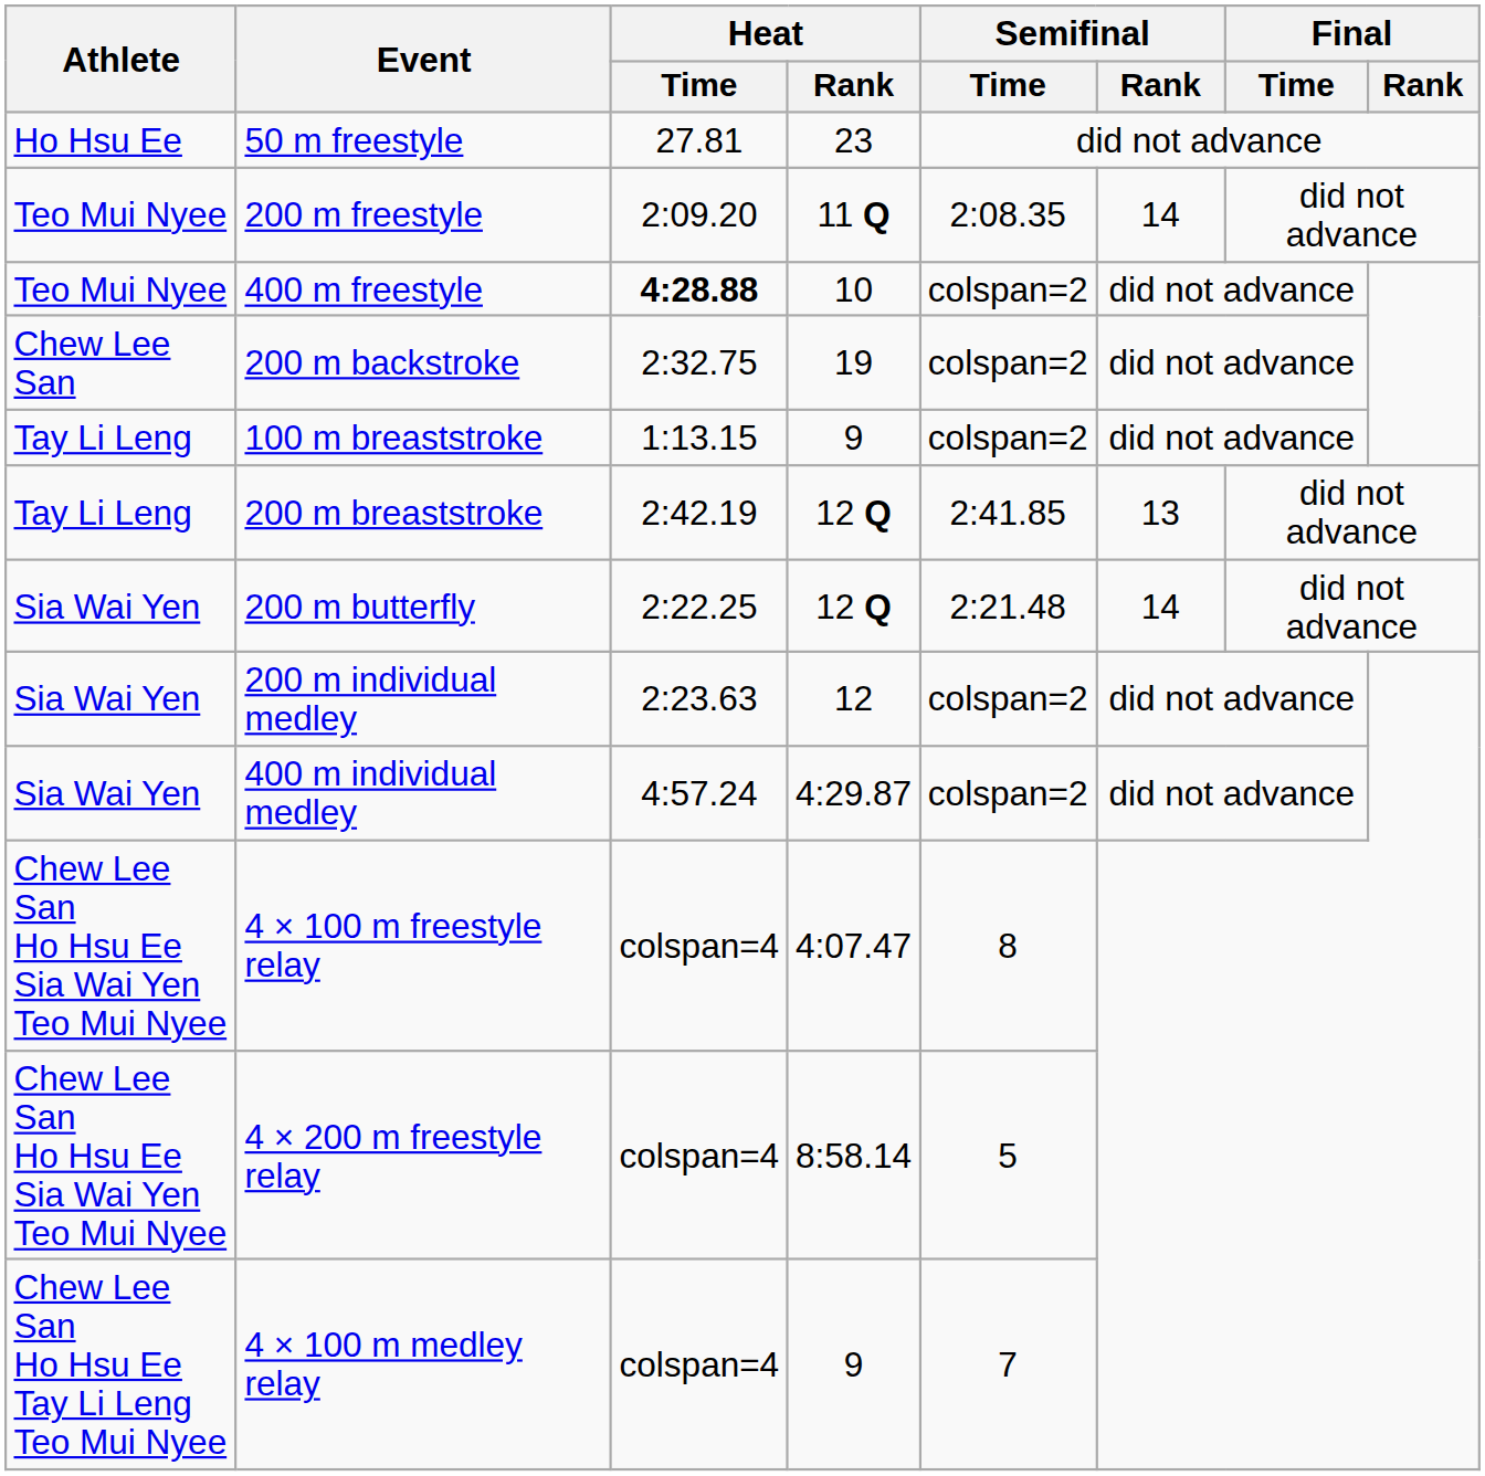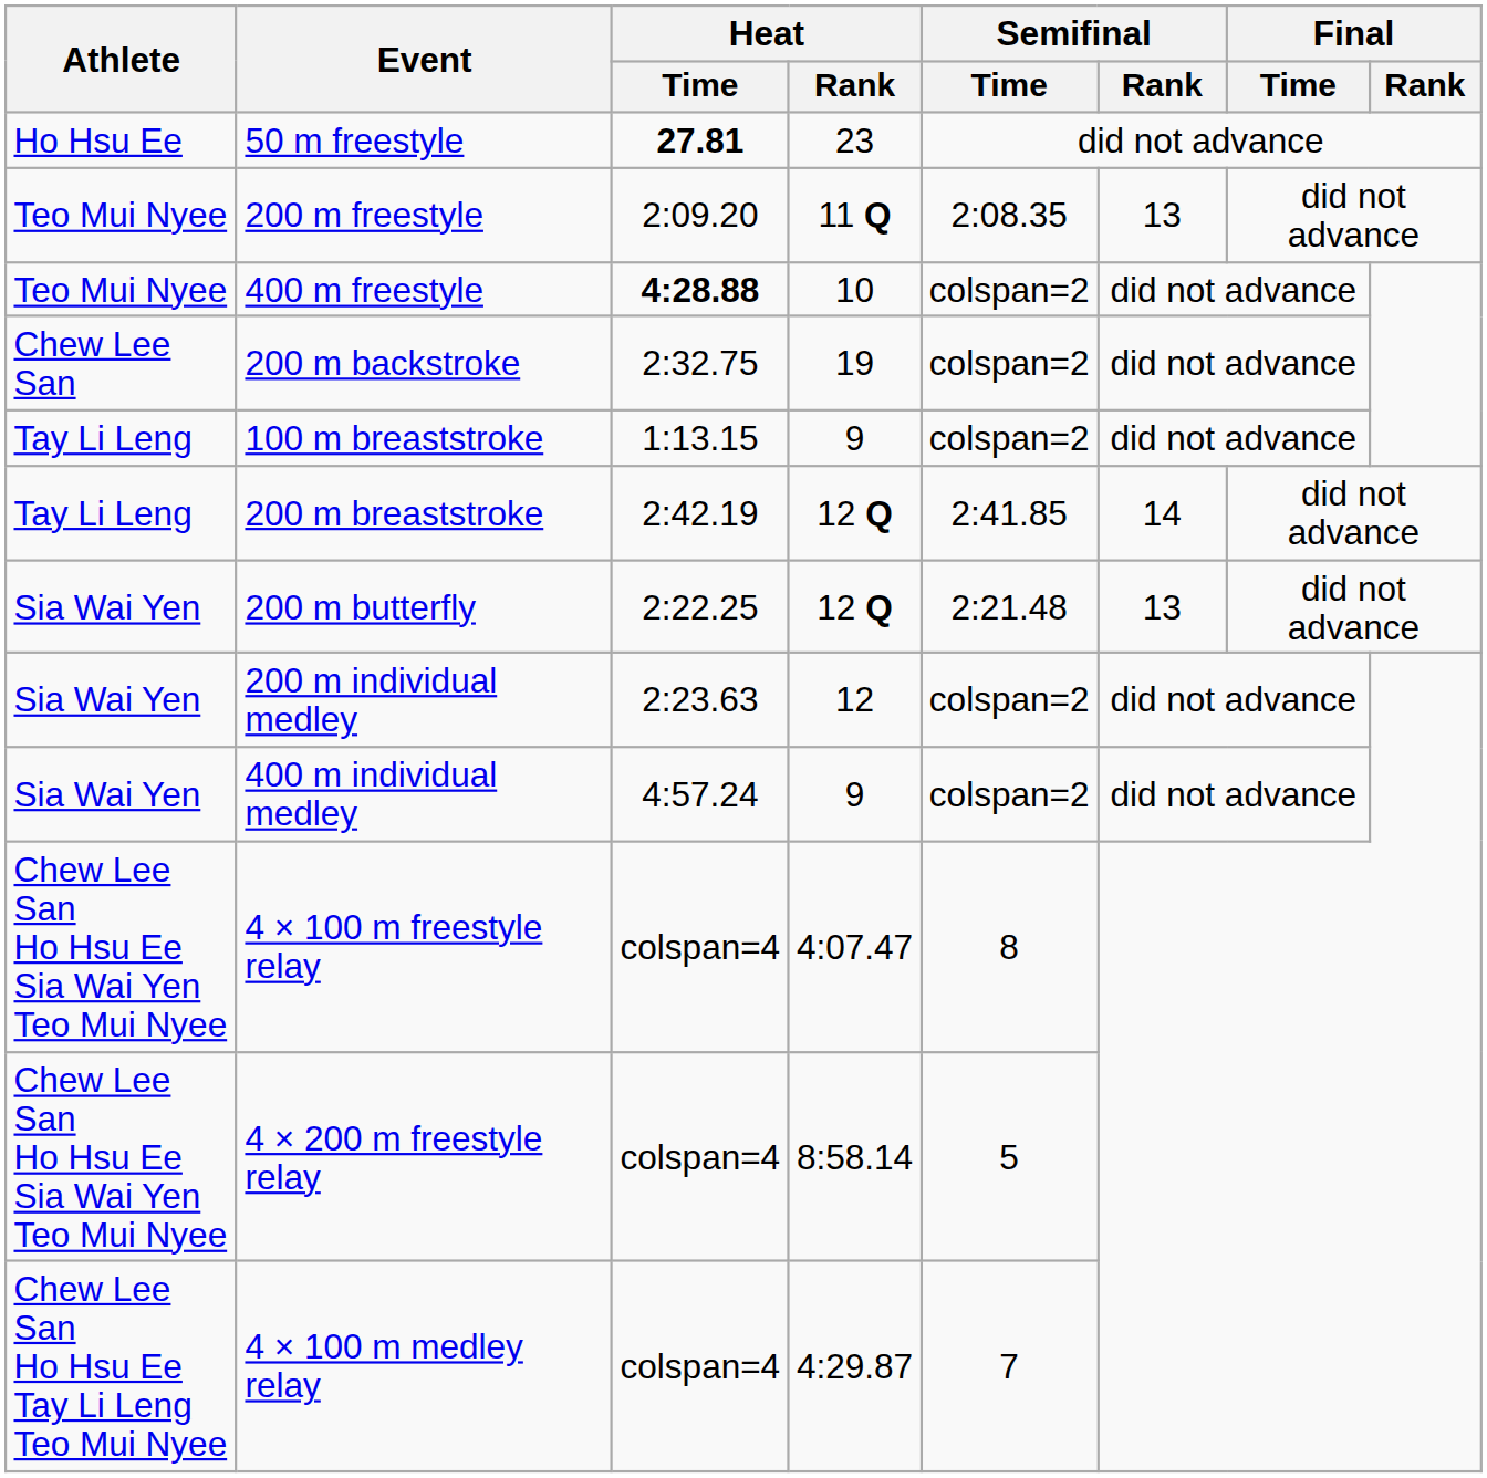 <table class=wikitable style=font-size:90%>
 <tr>
 <th rowspan=2>Athlete</th>
 <th rowspan=2>Event</th>
 <th colspan=2>Heat</th>
 <th colspan=2>Semifinal</th>
 <th colspan=2>Final</th>
 </tr>
 <tr style=font-size:95%>
 <th>Time</th>
 <th>Rank</th>
 <th>Time</th>
 <th>Rank</th>
 <th>Time</th>
 <th>Rank</th>
 </tr>
 <tr align=center>
 <td align=left><a href='#'>Ho Hsu Ee</a></td>
 <td align=left><a href='#'>50 m freestyle</a></td>
-<td>27.81</td>
+<td><strong>27.81</strong></td>
 <td>23</td>
 <td colspan=4>did not advance</td>
 </tr>
 <tr align=center>
 <td align=left><a href='#'>Teo Mui Nyee</a></td>
 <td align=left><a href='#'>200 m freestyle</a></td>
 <td>2:09.20</td>
 <td>11 <strong>Q</strong></td>
 <td>2:08.35</td>
-<td>14</td>
+<td>13</td>
 <td colspan=2>did not advance</td>
 </tr>
 <tr align=center>
 <td align=left><a href='#'>Teo Mui Nyee</a></td>
 <td align=left><a href='#'>400 m freestyle</a></td>
 <td><strong>4:28.88</strong></td>
 <td>10</td>
 <td>colspan=2 </td>
 <td colspan=2>did not advance</td>
 </tr>
 <tr align=center>
 <td align=left><a href='#'>Chew Lee San</a></td>
 <td align=left><a href='#'>200 m backstroke</a></td>
 <td>2:32.75</td>
 <td>19</td>
 <td>colspan=2 </td>
 <td colspan=2>did not advance</td>
 </tr>
 <tr align=center>
 <td align=left><a href='#'>Tay Li Leng</a></td>
 <td align=left><a href='#'>100 m breaststroke</a></td>
 <td>1:13.15</td>
 <td>9</td>
 <td>colspan=2 </td>
 <td colspan=2>did not advance</td>
 </tr>
 <tr align=center>
 <td align=left><a href='#'>Tay Li Leng</a></td>
 <td align=left><a href='#'>200 m breaststroke</a></td>
 <td>2:42.19</td>
 <td>12 <strong>Q</strong></td>
 <td>2:41.85</td>
-<td>13</td>
+<td>14</td>
 <td colspan=2>did not advance</td>
 </tr>
 <tr align=center>
 <td align=left><a href='#'>Sia Wai Yen</a></td>
 <td align=left><a href='#'>200 m butterfly</a></td>
 <td>2:22.25</td>
 <td>12 <strong>Q</strong></td>
 <td>2:21.48</td>
-<td>14</td>
+<td>13</td>
 <td colspan=2>did not advance</td>
 </tr>
 <tr align=center>
 <td align=left><a href='#'>Sia Wai Yen</a></td>
 <td align=left><a href='#'>200 m individual medley</a></td>
 <td>2:23.63</td>
 <td>12</td>
 <td>colspan=2 </td>
 <td colspan=2>did not advance</td>
 </tr>
 <tr align=center>
 <td align=left><a href='#'>Sia Wai Yen</a></td>
 <td align=left><a href='#'>400 m individual medley</a></td>
 <td>4:57.24</td>
-<td>4:29.87</td>
+<td>9</td>
 <td>colspan=2 </td>
 <td colspan=2>did not advance</td>
 </tr>
 <tr align=center>
 <td align=left><a href='#'>Chew Lee San</a><br><a href='#'>Ho Hsu Ee</a><br><a href='#'>Sia Wai Yen</a><br><a href='#'>Teo Mui Nyee</a></td>
 <td align=left><a href='#'>4 × 100 m freestyle relay</a></td>
 <td>colspan=4 </td>
 <td>4:07.47</td>
 <td>8</td>
 </tr>
 <tr align=center>
 <td align=left><a href='#'>Chew Lee San</a><br><a href='#'>Ho Hsu Ee</a><br><a href='#'>Sia Wai Yen</a><br><a href='#'>Teo Mui Nyee</a></td>
 <td align=left><a href='#'>4 × 200 m freestyle relay</a></td>
 <td>colspan=4 </td>
 <td>8:58.14</td>
 <td>5</td>
 </tr>
 <tr align=center>
 <td align=left><a href='#'>Chew Lee San</a><br><a href='#'>Ho Hsu Ee</a><br><a href='#'>Tay Li Leng</a><br><a href='#'>Teo Mui Nyee</a></td>
 <td align=left><a href='#'>4 × 100 m medley relay</a></td>
 <td>colspan=4 </td>
-<td>9</td>
+<td>4:29.87</td>
 <td>7</td>
 </tr>
 </table>
